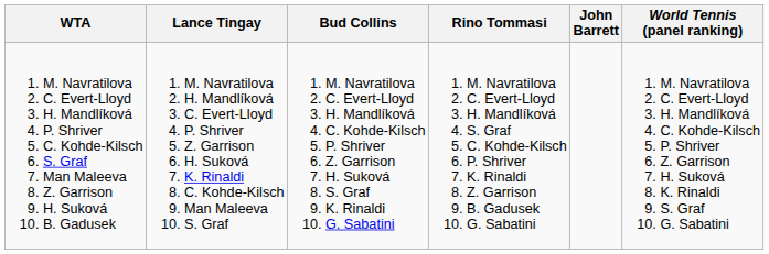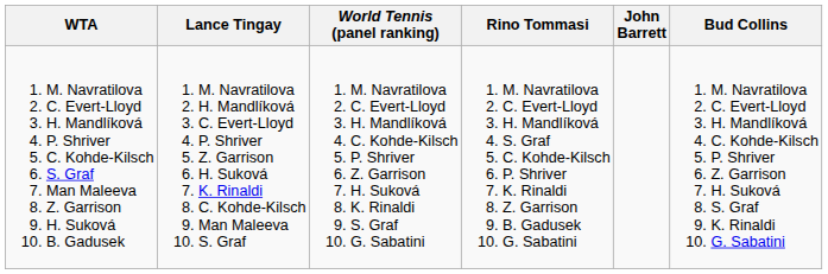 <table class="wikitable">
 <tr>
 <th>WTA</th>
 <th>Lance Tingay</th>
-<th>Bud Collins</th>
+<th><em>World Tennis<br></em>(panel ranking)</th>
 <th>Rino Tommasi</th>
 <th>John Barrett</th>
-<th><em>World Tennis<br></em>(panel ranking)</th>
+<th>Bud Collins</th>
 </tr>
 <tr style="vertical-align: top;">
 <td style="white-space: nowrap;"><br><ol><li> M. Navratilova</li><li> C. Evert-Lloyd</li><li> H. Mandlíková</li><li> P. Shriver</li><li> C. Kohde-Kilsch</li><li> <a href='#'>S. Graf</a></li><li> Man Maleeva</li><li> Z. Garrison</li><li> H. Suková</li><li> B. Gadusek</li></ol></td>
 <td style="white-space: nowrap;"><br><ol><li> M. Navratilova</li><li> H. Mandlíková</li><li> C. Evert-Lloyd</li><li> P. Shriver</li><li> Z. Garrison</li><li> H. Suková</li><li> <a href='#'>K. Rinaldi</a></li><li> C. Kohde-Kilsch</li><li> Man Maleeva</li><li> S. Graf</li></ol></td>
-<td style="white-space: nowrap;"><br><ol><li> M. Navratilova</li><li> C. Evert-Lloyd</li><li> H. Mandlíková</li><li> C. Kohde-Kilsch</li><li> P. Shriver</li><li> Z. Garrison</li><li> H. Suková</li><li> S. Graf</li><li> K. Rinaldi</li><li> <a href='#'>G. Sabatini</a></li></ol></td>
+<td style="white-space: nowrap;"><br><ol><li> M. Navratilova</li><li> C. Evert-Lloyd</li><li> H. Mandlíková</li><li> C. Kohde-Kilsch</li><li> P. Shriver</li><li> Z. Garrison</li><li> H. Suková</li><li> K. Rinaldi</li><li> S. Graf</li><li> G. Sabatini</li></ol></td>
 <td style="white-space: nowrap;"><br><ol><li> M. Navratilova</li><li> C. Evert-Lloyd</li><li> H. Mandlíková</li><li> S. Graf</li><li> C. Kohde-Kilsch</li><li> P. Shriver</li><li> K. Rinaldi</li><li> Z. Garrison</li><li> B. Gadusek</li><li> G. Sabatini</li></ol></td>
 <td></td>
-<td style="white-space: nowrap;"><br><ol><li> M. Navratilova</li><li> C. Evert-Lloyd</li><li> H. Mandlíková</li><li> C. Kohde-Kilsch</li><li> P. Shriver</li><li> Z. Garrison</li><li> H. Suková</li><li> K. Rinaldi</li><li> S. Graf</li><li> G. Sabatini</li></ol></td>
+<td style="white-space: nowrap;"><br><ol><li> M. Navratilova</li><li> C. Evert-Lloyd</li><li> H. Mandlíková</li><li> C. Kohde-Kilsch</li><li> P. Shriver</li><li> Z. Garrison</li><li> H. Suková</li><li> S. Graf</li><li> K. Rinaldi</li><li> <a href='#'>G. Sabatini</a></li></ol></td>
 </tr>
 </table>
